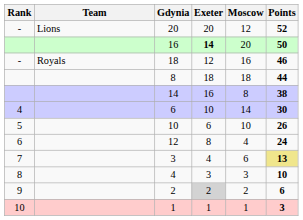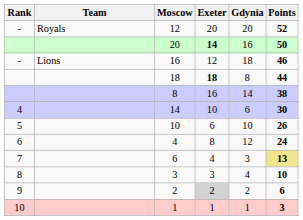 <table class="wikitable" style="text-align: center;">
 <tr>
 <th width=40>Rank</th>
 <th width=180>Team</th>
+<th width=40>Moscow</th>
+<th width=40>Exeter</th>
 <th width=40>Gdynia</th>
-<th width=40>Exeter</th>
-<th width=40>Moscow</th>
 <th width=40>Points</th>
 </tr>
 <tr>
 <td>-</td>
-<td align=left> Lions</td>
+<td align=left> Royals</td>
+<td>12</td>
 <td>20</td>
 <td>20</td>
-<td>12</td>
 <td><strong>52</strong></td>
 </tr>
 <tr bgcolor=ccffcc>
 <td></td>
 <td align=left></td>
+<td>20</td>
+<td><strong>14</strong></td>
 <td>16</td>
-<td><strong>14</strong></td>
-<td>20</td>
 <td><strong>50</strong></td>
 </tr>
 <tr>
 <td>-</td>
-<td align=left> Royals</td>
+<td align=left> Lions</td>
+<td>16</td>
+<td>12</td>
 <td>18</td>
-<td>12</td>
-<td>16</td>
 <td><strong>46</strong></td>
 </tr>
 <tr>
 <td></td>
 <td align=left></td>
+<td>18</td>
+<td><strong>18</strong></td>
 <td>8</td>
-<td>18</td>
-<td>18</td>
 <td><strong>44</strong></td>
 </tr>
 <tr bgcolor=ccccff>
 <td></td>
 <td align=left></td>
+<td>8</td>
+<td>16</td>
 <td>14</td>
-<td>16</td>
-<td>8</td>
 <td><strong>38</strong></td>
 </tr>
 <tr bgcolor=ccccff>
 <td>4</td>
 <td align=left></td>
+<td>14</td>
+<td>10</td>
 <td>6</td>
-<td>10</td>
-<td>14</td>
 <td><strong>30</strong></td>
 </tr>
 <tr>
 <td>5</td>
 <td align=left></td>
 <td>10</td>
 <td>6</td>
 <td>10</td>
 <td><strong>26</strong></td>
 </tr>
 <tr>
 <td>6</td>
 <td align=left></td>
+<td>4</td>
+<td>8</td>
 <td>12</td>
-<td>8</td>
-<td>4</td>
 <td><strong>24</strong></td>
 </tr>
 <tr>
 <td>7</td>
 <td align=left></td>
+<td>6</td>
+<td>4</td>
 <td>3</td>
-<td>4</td>
-<td>6</td>
 <td style="background: khaki;"><strong>13</strong></td>
 </tr>
 <tr>
 <td>8</td>
 <td align=left></td>
-<td>4</td>
 <td>3</td>
 <td>3</td>
+<td>4</td>
 <td><strong>10</strong></td>
 </tr>
 <tr>
 <td>9</td>
 <td align=left></td>
 <td>2</td>
 <td style="background: lightgrey;">2</td>
 <td>2</td>
 <td><strong>6</strong></td>
 </tr>
 <tr bgcolor=ffcccc>
 <td>10</td>
 <td align=left></td>
 <td>1</td>
 <td>1</td>
 <td>1</td>
 <td><strong>3</strong></td>
 </tr>
 </table>
